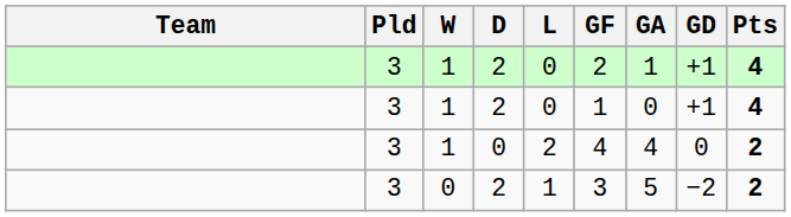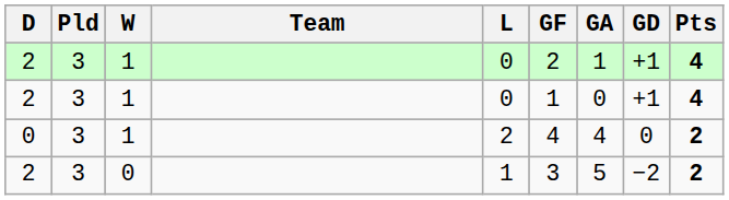 <table class="wikitable" style="text-align:center;">
 <tr>
-<th width=180>Team</th>
+<th width=20>D</th>
 <th width=20>Pld</th>
 <th width=20>W</th>
-<th width=20>D</th>
+<th width=180>Team</th>
 <th width=20>L</th>
 <th width=20>GF</th>
 <th width=20>GA</th>
 <th width=20>GD</th>
 <th width=20>Pts</th>
 </tr>
 <tr bgcolor="ccffcc">
-<td align="left"></td>
+<td>2</td>
 <td>3</td>
 <td>1</td>
-<td>2</td>
+<td align="left"></td>
 <td>0</td>
 <td>2</td>
 <td>1</td>
 <td>+1</td>
 <td><strong>4</strong></td>
 </tr>
 <tr>
-<td align="left"></td>
+<td>2</td>
 <td>3</td>
 <td>1</td>
-<td>2</td>
+<td align="left"></td>
 <td>0</td>
 <td>1</td>
 <td>0</td>
 <td>+1</td>
 <td><strong>4</strong></td>
 </tr>
 <tr>
-<td align="left"></td>
+<td>0</td>
 <td>3</td>
 <td>1</td>
-<td>0</td>
+<td align="left"></td>
 <td>2</td>
 <td>4</td>
 <td>4</td>
 <td>0</td>
 <td><strong>2</strong></td>
 </tr>
 <tr>
-<td align="left"></td>
+<td>2</td>
 <td>3</td>
 <td>0</td>
-<td>2</td>
+<td align="left"></td>
 <td>1</td>
 <td>3</td>
 <td>5</td>
 <td>−2</td>
 <td><strong>2</strong></td>
 </tr>
 </table>
